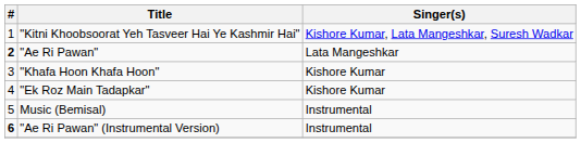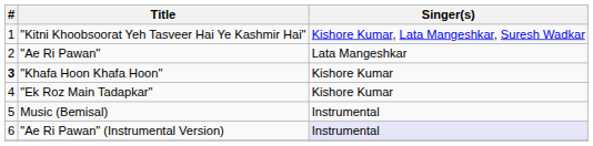 <table class="wikitable" style="font-size:95%;">
 <tr>
 <th>#</th>
 <th>Title</th>
 <th>Singer(s)</th>
 </tr>
 <tr>
 <td>1</td>
 <td>"Kitni Khoobsoorat Yeh Tasveer Hai Ye Kashmir Hai"</td>
 <td><a href='#'>Kishore Kumar</a>, <a href='#'>Lata Mangeshkar</a>, <a href='#'>Suresh Wadkar</a></td>
 </tr>
 <tr>
-<td><strong>2</strong></td>
+<td>2</td>
 <td>"Ae Ri Pawan"</td>
 <td>Lata Mangeshkar</td>
 </tr>
 <tr>
-<td>3</td>
+<td><strong>3</strong></td>
 <td>"Khafa Hoon Khafa Hoon"</td>
 <td>Kishore Kumar</td>
 </tr>
 <tr>
 <td>4</td>
 <td>"Ek Roz Main Tadapkar"</td>
 <td>Kishore Kumar</td>
 </tr>
 <tr>
 <td>5</td>
 <td>Music (Bemisal)</td>
 <td>Instrumental</td>
 </tr>
 <tr>
-<td><strong>6</strong></td>
+<td>6</td>
 <td>"Ae Ri Pawan" (Instrumental Version)</td>
-<td>Instrumental</td>
+<td style="background: lavender;">Instrumental</td>
 </tr>
 <tr>
 </tr>
 </table>
